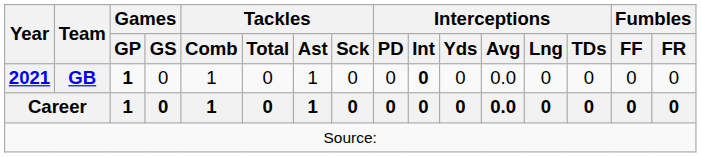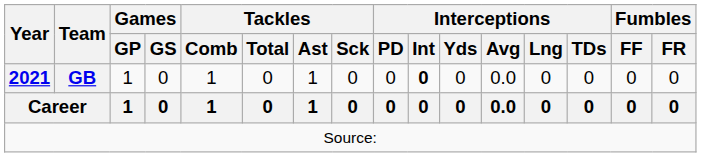 <table class="wikitable" style="text-align: center;">
 <tr>
 <th rowspan="2">Year</th>
 <th rowspan="2">Team</th>
 <th colspan="2">Games</th>
 <th colspan="4">Tackles</th>
 <th colspan="6">Interceptions</th>
 <th colspan="2">Fumbles</th>
 </tr>
 <tr>
 <th>GP</th>
 <th>GS</th>
 <th>Comb</th>
 <th>Total</th>
 <th>Ast</th>
 <th>Sck</th>
 <th>PD</th>
 <th>Int</th>
 <th>Yds</th>
 <th>Avg</th>
 <th>Lng</th>
 <th>TDs</th>
 <th>FF</th>
 <th>FR</th>
 </tr>
 <tr>
 <th><a href='#'>2021</a></th>
 <th><a href='#'>GB</a></th>
-<td><strong>1</strong></td>
+<td>1</td>
 <td>0</td>
 <td>1</td>
 <td>0</td>
 <td>1</td>
 <td>0</td>
 <td>0</td>
 <td><strong>0</strong></td>
 <td>0</td>
 <td>0.0</td>
 <td>0</td>
 <td>0</td>
 <td>0</td>
 <td>0</td>
 </tr>
 <tr>
 <th colspan="2">Career</th>
 <th>1</th>
 <th>0</th>
 <th>1</th>
 <th>0</th>
 <th>1</th>
 <th>0</th>
 <th>0</th>
 <th>0</th>
 <th>0</th>
 <th>0.0</th>
 <th>0</th>
 <th>0</th>
 <th>0</th>
 <th>0</th>
 </tr>
 <tr>
 <td colspan="17"><small>Source: </small></td>
 </tr>
 </table>
